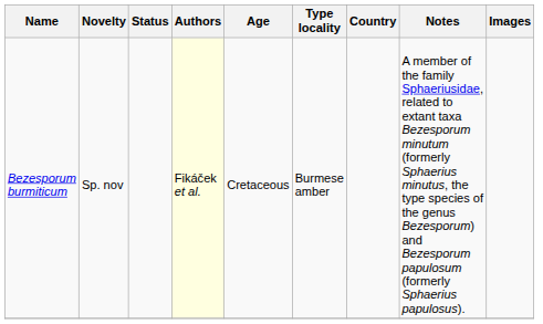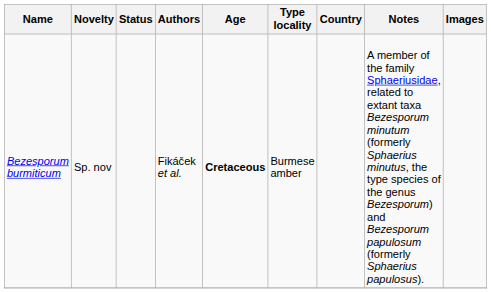 <table class="wikitable sortable" align="center" width="100%">
 <tr>
 <th>Name</th>
 <th>Novelty</th>
 <th>Status</th>
 <th>Authors</th>
 <th>Age</th>
 <th>Type locality</th>
 <th>Country</th>
 <th>Notes</th>
 <th>Images</th>
 </tr>
 <tr>
 <td><br><em><a href='#'>Bezesporum burmiticum</a></em></td>
 <td><br>Sp. nov</td>
 <td></td>
-<td style="background: lightyellow;"><br>Fikáček <em>et al.</em></td>
-<td><br>Cretaceous</td>
+<td><br>Fikáček <em>et al.</em></td>
+<td><strong><br>Cretaceous</strong></td>
 <td><br>Burmese amber</td>
 <td><br></td>
 <td><br>A member of the family <a href='#'>Sphaeriusidae</a>, related to extant taxa <em>Bezesporum minutum</em> (formerly <em>Sphaerius minutus</em>, the type species of the genus <em>Bezesporum</em>) and <em>Bezesporum papulosum</em> (formerly <em>Sphaerius papulosus</em>).</td>
 <td></td>
 </tr>
 <tr>
 </tr>
 </table>
